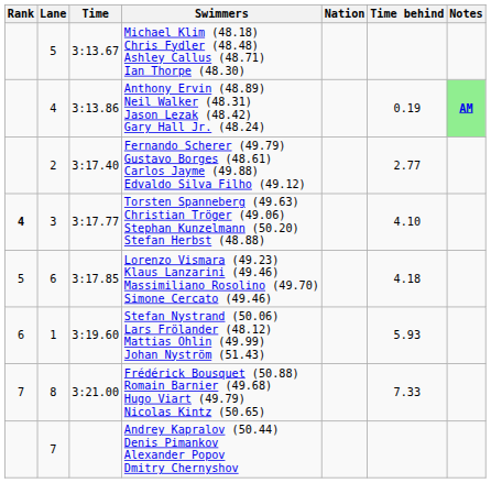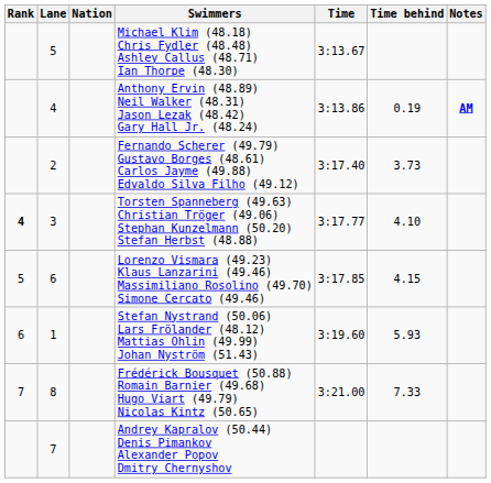 <table class="wikitable sortable" style="text-align:center">
 <tr>
 <th>Rank</th>
 <th>Lane</th>
+<th>Nation</th>
+<th>Swimmers</th>
 <th>Time</th>
-<th>Swimmers</th>
-<th>Nation</th>
 <th>Time behind</th>
 <th>Notes</th>
 </tr>
 <tr>
 <td></td>
 <td>5</td>
+<td align=left></td>
+<td align=left><a href='#'>Michael Klim</a> (48.18) <br><a href='#'>Chris Fydler</a> (48.48)<br><a href='#'>Ashley Callus</a> (48.71)<br><a href='#'>Ian Thorpe</a> (48.30)</td>
 <td>3:13.67</td>
-<td align=left><a href='#'>Michael Klim</a> (48.18) <br><a href='#'>Chris Fydler</a> (48.48)<br><a href='#'>Ashley Callus</a> (48.71)<br><a href='#'>Ian Thorpe</a> (48.30)</td>
-<td align=left></td>
 <td></td>
 <td></td>
 </tr>
 <tr>
 <td></td>
 <td>4</td>
+<td align=left></td>
+<td align=left><a href='#'>Anthony Ervin</a> (48.89) <br><a href='#'>Neil Walker</a> (48.31)<br><a href='#'>Jason Lezak</a> (48.42)<br><a href='#'>Gary Hall Jr.</a> (48.24)</td>
 <td>3:13.86</td>
-<td align=left><a href='#'>Anthony Ervin</a> (48.89) <br><a href='#'>Neil Walker</a> (48.31)<br><a href='#'>Jason Lezak</a> (48.42)<br><a href='#'>Gary Hall Jr.</a> (48.24)</td>
-<td align=left></td>
 <td>0.19</td>
-<td style="background: lightgreen;"><strong><a href='#'>AM</a></strong></td>
+<td><strong><a href='#'>AM</a></strong></td>
 </tr>
 <tr>
 <td></td>
 <td>2</td>
+<td align=left></td>
+<td align=left><a href='#'>Fernando Scherer</a> (49.79)<br><a href='#'>Gustavo Borges</a> (48.61)<br><a href='#'>Carlos Jayme</a> (49.88)<br><a href='#'>Edvaldo Silva Filho</a> (49.12)</td>
 <td>3:17.40</td>
-<td align=left><a href='#'>Fernando Scherer</a> (49.79)<br><a href='#'>Gustavo Borges</a> (48.61)<br><a href='#'>Carlos Jayme</a> (49.88)<br><a href='#'>Edvaldo Silva Filho</a> (49.12)</td>
-<td align=left></td>
-<td>2.77</td>
+<td>3.73</td>
 <td></td>
 </tr>
 <tr>
 <td><strong>4</strong></td>
 <td>3</td>
+<td align=left></td>
+<td align=left><a href='#'>Torsten Spanneberg</a> (49.63)<br><a href='#'>Christian Tröger</a> (49.06)<br><a href='#'>Stephan Kunzelmann</a> (50.20)<br><a href='#'>Stefan Herbst</a> (48.88)</td>
 <td>3:17.77</td>
-<td align=left><a href='#'>Torsten Spanneberg</a> (49.63)<br><a href='#'>Christian Tröger</a> (49.06)<br><a href='#'>Stephan Kunzelmann</a> (50.20)<br><a href='#'>Stefan Herbst</a> (48.88)</td>
-<td align=left></td>
 <td>4.10</td>
 <td></td>
 </tr>
 <tr>
 <td>5</td>
 <td>6</td>
+<td align=left></td>
+<td align=left><a href='#'>Lorenzo Vismara</a> (49.23)<br><a href='#'>Klaus Lanzarini</a> (49.46)<br><a href='#'>Massimiliano Rosolino</a> (49.70)<br><a href='#'>Simone Cercato</a> (49.46)</td>
 <td>3:17.85</td>
-<td align=left><a href='#'>Lorenzo Vismara</a> (49.23)<br><a href='#'>Klaus Lanzarini</a> (49.46)<br><a href='#'>Massimiliano Rosolino</a> (49.70)<br><a href='#'>Simone Cercato</a> (49.46)</td>
-<td align=left></td>
-<td>4.18</td>
+<td>4.15</td>
 <td></td>
 </tr>
 <tr>
 <td>6</td>
 <td>1</td>
+<td align=left></td>
+<td align=left><a href='#'>Stefan Nystrand</a> (50.06)<br><a href='#'>Lars Frölander</a> (48.12)<br><a href='#'>Mattias Ohlin</a> (49.99)<br><a href='#'>Johan Nyström</a> (51.43)</td>
 <td>3:19.60</td>
-<td align=left><a href='#'>Stefan Nystrand</a> (50.06)<br><a href='#'>Lars Frölander</a> (48.12)<br><a href='#'>Mattias Ohlin</a> (49.99)<br><a href='#'>Johan Nyström</a> (51.43)</td>
-<td align=left></td>
 <td>5.93</td>
 <td></td>
 </tr>
 <tr>
 <td>7</td>
 <td>8</td>
+<td align=left></td>
+<td align=left><a href='#'>Frédérick Bousquet</a> (50.88)<br><a href='#'>Romain Barnier</a> (49.68)<br><a href='#'>Hugo Viart</a> (49.79)<br><a href='#'>Nicolas Kintz</a> (50.65)</td>
 <td>3:21.00</td>
-<td align=left><a href='#'>Frédérick Bousquet</a> (50.88)<br><a href='#'>Romain Barnier</a> (49.68)<br><a href='#'>Hugo Viart</a> (49.79)<br><a href='#'>Nicolas Kintz</a> (50.65)</td>
-<td align=left></td>
 <td>7.33</td>
 <td></td>
 </tr>
 <tr>
 <td></td>
 <td>7</td>
+<td align=left></td>
+<td align=left><a href='#'>Andrey Kapralov</a> (50.44)<br><a href='#'>Denis Pimankov</a><br><a href='#'>Alexander Popov</a><br><a href='#'>Dmitry Chernyshov</a></td>
 <td></td>
-<td align=left><a href='#'>Andrey Kapralov</a> (50.44)<br><a href='#'>Denis Pimankov</a><br><a href='#'>Alexander Popov</a><br><a href='#'>Dmitry Chernyshov</a></td>
-<td align=left></td>
 <td></td>
 <td></td>
 </tr>
 </table>
